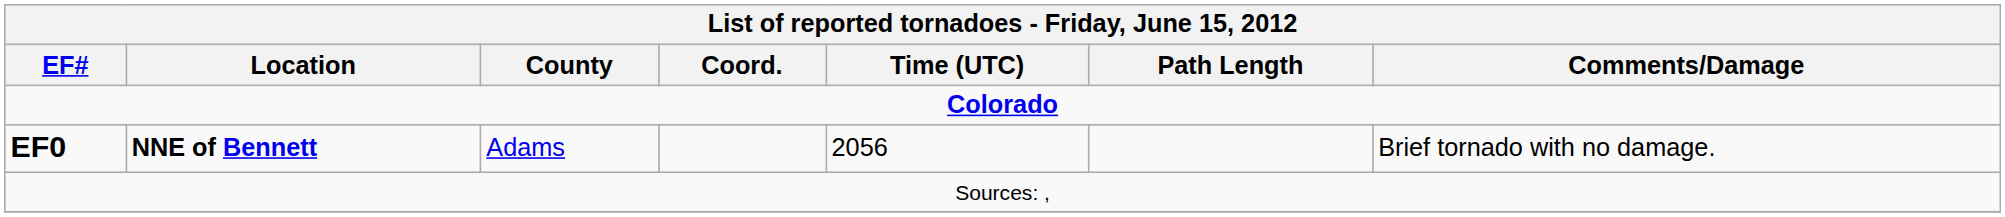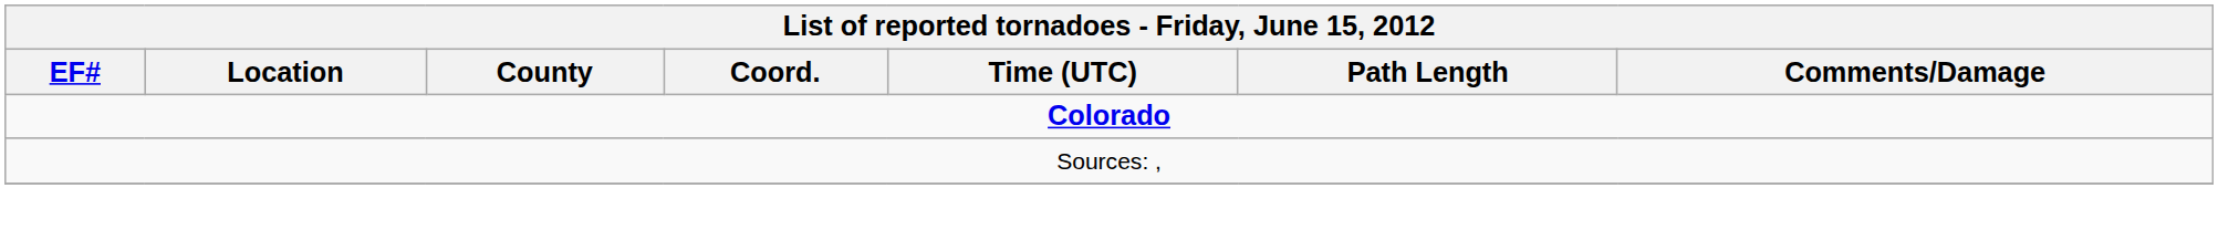 <table class="wikitable collapsible" width="100%">
 <tr>
 <th colspan="7">List of reported tornadoes - Friday, June 15, 2012</th>
 </tr>
 <tr>
 <th><a href='#'>EF#</a></th>
 <th>Location</th>
 <th>County</th>
 <th>Coord.</th>
 <th>Time (UTC)</th>
 <th>Path Length</th>
 <th>Comments/Damage</th>
 </tr>
 <tr>
 <td colspan="7" align=center><strong><a href='#'>Colorado</a></strong></td>
 </tr>
 <tr>
-<td><big><strong>EF0</strong></big></td>
-<td><strong>NNE of <a href='#'>Bennett</a></strong></td>
-<td><a href='#'>Adams</a></td>
-<td></td>
-<td>2056</td>
-<td></td>
-<td>Brief tornado with no damage.</td>
-</tr>
-<tr>
 <td colspan="7" align=center><small>Sources: , </small></td>
 </tr>
 <tr>
 </tr>
 </table>
